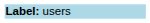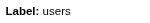 <table style="float: right; clear: right; margin: 0 0 1em 1em; width: 200px;">
 <tr>
 <td></td>
 </tr>
 <tr>
-<td style="background: lightblue;"><strong>Label:</strong>  users</td>
+<td><strong>Label:</strong>  users</td>
 </tr>
 </table>
